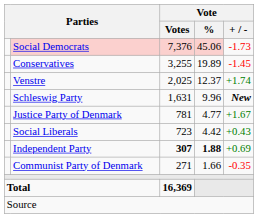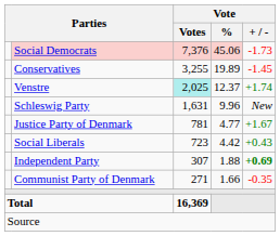 <table class="wikitable" style="text-align:right;">
 <tr>
 <th style="text-align:centre;" rowspan="2" colspan="2" width="225">Parties</th>
 <th colspan="3">Vote</th>
 </tr>
 <tr>
 <th width="15">Votes</th>
 <th width="15">%</th>
 <th width="15">+ / -</th>
 </tr>
 <tr>
 <td width="2" style="color:inherit;background:"></td>
 <td bgcolor=#fbd0ce  align="left"><a href='#'>Social Democrats</a></td>
 <td bgcolor=#fbd0ce>7,376</td>
 <td bgcolor=#fbd0ce>45.06</td>
 <td style=color:red;>-1.73</td>
 </tr>
 <tr>
 <td width="2" style="color:inherit;background:"></td>
 <td align="left"><a href='#'>Conservatives</a></td>
 <td>3,255</td>
 <td>19.89</td>
 <td style=color:red;>-1.45</td>
 </tr>
 <tr>
 <td width="2" style="color:inherit;background:"></td>
 <td align="left"><a href='#'>Venstre</a></td>
-<td>2,025</td>
+<td style="background: paleturquoise;">2,025</td>
 <td>12.37</td>
 <td style=color:green;>+1.74</td>
 </tr>
 <tr>
 <td width="2" style="color:inherit;background:"></td>
 <td align="left"><a href='#'>Schleswig Party</a></td>
 <td>1,631</td>
 <td>9.96</td>
-<td><strong><em>New</em></strong></td>
+<td><em>New</em></td>
 </tr>
 <tr>
 <td width="2" style="color:inherit;background:"></td>
 <td align="left"><a href='#'>Justice Party of Denmark</a></td>
 <td>781</td>
 <td>4.77</td>
 <td style=color:green;>+1.67</td>
 </tr>
 <tr>
 <td width="2" style="color:inherit;background:"></td>
 <td align="left"><a href='#'>Social Liberals</a></td>
 <td>723</td>
 <td>4.42</td>
 <td style=color:green;>+0.43</td>
 </tr>
 <tr>
 <td width="2" style="color:inherit;background:"></td>
 <td align="left"><a href='#'>Independent Party</a></td>
-<td><strong>307</strong></td>
-<td><strong>1.88</strong></td>
-<td style=color:green;>+0.69</td>
+<td>307</td>
+<td>1.88</td>
+<td style=color:green;><strong>+0.69</strong></td>
 </tr>
 <tr>
 <td width="2" style="color:inherit;background:"></td>
 <td align="left"><a href='#'>Communist Party of Denmark</a></td>
 <td>271</td>
 <td>1.66</td>
 <td style=color:red;>-0.35</td>
 </tr>
 <tr>
 <td colspan="7" bgcolor="#E9E9E9"></td>
 </tr>
 <tr>
 <td align="left" colspan="2"><strong>Total</strong></td>
 <td><strong>16,369</strong></td>
 <td bgcolor="#E9E9E9" colspan="2"></td>
 </tr>
 <tr>
 <td align="left" colspan="6">Source</td>
 </tr>
 </table>
